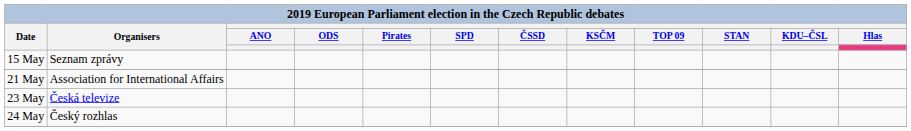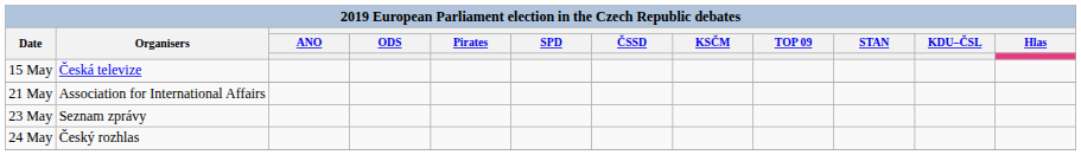 <table class="wikitable">
 <tr>
 <th colspan="12" style="background:#B0C4DE">2019 European Parliament election in the Czech Republic debates</th>
 </tr>
 <tr style="font-size:small;">
 <th rowspan="3">Date</th>
 <th rowspan="3">Organisers</th>
 <th scope="col" colspan="10">    </th>
 </tr>
 <tr style="font-size:small;">
 <th scope="col" style="width:6.5em;"><a href='#'>ANO</a></th>
 <th scope="col" style="width:6.5em;"><a href='#'>ODS</a></th>
 <th scope="col" style="width:6.5em;"><a href='#'>Pirates</a></th>
 <th scope="col" style="width:6.5em;"><a href='#'>SPD</a></th>
 <th scope="col" style="width:6.5em;"><a href='#'>ČSSD</a></th>
 <th scope="col" style="width:6.5em;"><a href='#'>KSČM</a></th>
 <th scope="col" style="width:6.5em;"><a href='#'>TOP 09</a></th>
 <th scope="col" style="width:6.5em;"><a href='#'>STAN</a></th>
 <th scope="col" style="width:6.5em;"><a href='#'>KDU–ČSL</a></th>
 <th scope="col" style="width:6.5em;"><a href='#'>Hlas</a></th>
 </tr>
 <tr>
 <th style="color:inherit;background:"></th>
 <th style="color:inherit;background:"></th>
 <th style="color:inherit;background:"></th>
 <th style="color:inherit;background:"></th>
 <th style="color:inherit;background:"></th>
 <th style="color:inherit;background:"></th>
 <th style="color:inherit;background:"></th>
 <th style="color:inherit;background:"></th>
 <th style="color:inherit;background:"></th>
 <th style="color:inherit;background:#e8387f;"></th>
 </tr>
 <tr>
 <td style="white-space:nowrap;">15 May</td>
-<td style="white-space:nowrap;">Seznam zprávy</td>
+<td style="white-space:nowrap;"><a href='#'>Česká televize</a></td>
 <td></td>
 <td></td>
 <td></td>
 <td></td>
 <td></td>
 <td></td>
 <td></td>
 <td></td>
 <td></td>
 <td></td>
 </tr>
 <tr>
 </tr>
 <tr>
 <td style="white-space:nowrap;">21 May</td>
 <td style="white-space:nowrap;">Association for International Affairs</td>
 <td></td>
 <td></td>
 <td></td>
 <td></td>
 <td></td>
 <td></td>
 <td></td>
 <td></td>
 <td></td>
 <td></td>
 </tr>
 <tr>
 <td style="white-space:nowrap;">23 May</td>
-<td style="white-space:nowrap;"><a href='#'>Česká televize</a></td>
+<td style="white-space:nowrap;">Seznam zprávy</td>
 <td></td>
 <td></td>
 <td></td>
 <td></td>
 <td></td>
 <td></td>
 <td></td>
 <td></td>
 <td></td>
 <td></td>
 </tr>
 <tr>
 <td style="white-space:nowrap;">24 May</td>
 <td style="white-space:nowrap;">Český rozhlas</td>
 <td></td>
 <td></td>
 <td></td>
 <td></td>
 <td></td>
 <td></td>
 <td></td>
 <td></td>
 <td></td>
 <td></td>
 </tr>
 <tr>
 </tr>
 </table>
